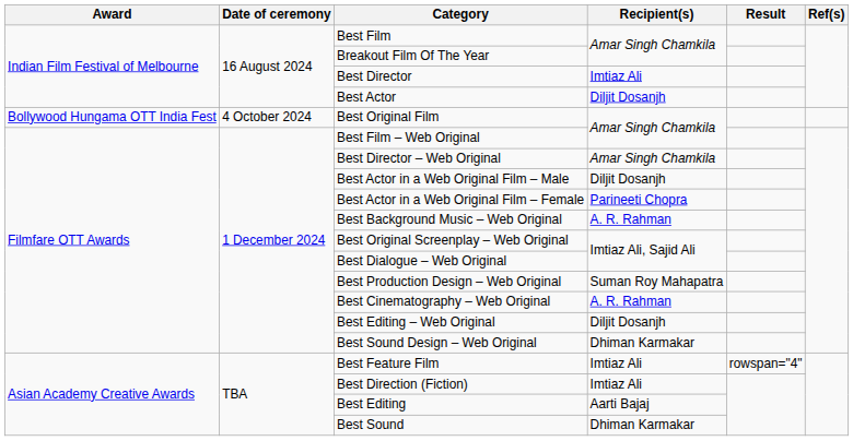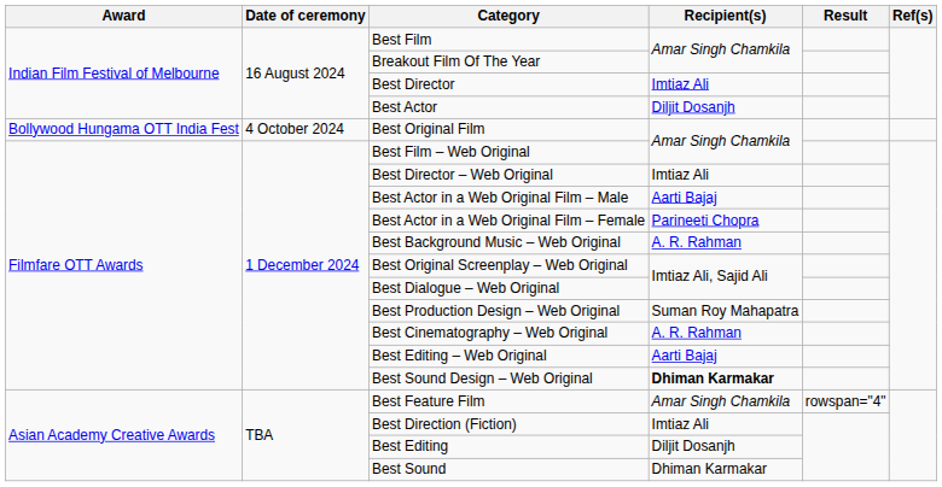 <table class="wikitable">
 <tr>
 <th>Award</th>
 <th>Date of ceremony</th>
 <th>Category</th>
 <th>Recipient(s)</th>
 <th>Result</th>
 <th>Ref(s)</th>
 </tr>
 <tr>
 <td rowspan="4"><a href='#'>Indian Film Festival of Melbourne</a></td>
 <td rowspan="4">16 August 2024</td>
 <td>Best Film</td>
 <td rowspan="2"><em>Amar Singh Chamkila</em></td>
 <td></td>
 <td rowspan="4"></td>
 </tr>
 <tr>
 <td>Breakout Film Of The Year</td>
 <td></td>
 </tr>
 <tr>
 <td>Best Director</td>
 <td><a href='#'>Imtiaz Ali</a></td>
 <td></td>
 </tr>
 <tr>
 <td>Best Actor</td>
 <td><a href='#'>Diljit Dosanjh</a></td>
 <td></td>
 </tr>
 <tr>
 <td><a href='#'>Bollywood Hungama OTT India Fest</a></td>
 <td>4 October 2024</td>
 <td>Best Original Film</td>
 <td rowspan="2"><em>Amar Singh Chamkila</em></td>
 <td></td>
 <td></td>
 </tr>
 <tr>
 <td rowspan="11"><a href='#'>Filmfare OTT Awards</a></td>
 <td rowspan="11"><a href='#'>1 December 2024</a></td>
 <td>Best Film – Web Original</td>
 <td></td>
 <td rowspan="11"></td>
 </tr>
 <tr>
 <td>Best Director – Web Original</td>
-<td><em>Amar Singh Chamkila</em></td>
+<td>Imtiaz Ali</td>
 <td></td>
 </tr>
 <tr>
 <td>Best Actor in a Web Original Film – Male</td>
-<td>Diljit Dosanjh</td>
+<td><a href='#'>Aarti Bajaj</a></td>
 <td></td>
 </tr>
 <tr>
 <td>Best Actor in a Web Original Film – Female</td>
 <td><a href='#'>Parineeti Chopra</a></td>
 <td></td>
 </tr>
 <tr>
 <td>Best Background Music – Web Original</td>
 <td><a href='#'>A. R. Rahman</a></td>
 <td></td>
 </tr>
 <tr>
 <td>Best Original Screenplay – Web Original</td>
 <td rowspan="2">Imtiaz Ali, Sajid Ali</td>
 <td></td>
 </tr>
 <tr>
 <td>Best Dialogue – Web Original</td>
 <td></td>
 </tr>
 <tr>
 <td>Best Production Design – Web Original</td>
 <td>Suman Roy Mahapatra</td>
 <td></td>
 </tr>
 <tr>
 <td>Best Cinematography – Web Original</td>
 <td><a href='#'>A. R. Rahman</a></td>
 <td></td>
 </tr>
 <tr>
 <td>Best Editing – Web Original</td>
-<td>Diljit Dosanjh</td>
+<td><a href='#'>Aarti Bajaj</a></td>
 <td></td>
 </tr>
 <tr>
 <td>Best Sound Design – Web Original</td>
-<td>Dhiman Karmakar</td>
+<td><strong>Dhiman Karmakar</strong></td>
 <td></td>
 </tr>
 <tr>
 <td rowspan="4"><a href='#'>Asian Academy Creative Awards</a></td>
 <td rowspan="4">TBA</td>
 <td>Best Feature Film</td>
-<td>Imtiaz Ali</td>
+<td><em>Amar Singh Chamkila</em></td>
 <td>rowspan="4" </td>
 <td rowspan="4"></td>
 </tr>
 <tr>
 <td>Best Direction (Fiction)</td>
 <td>Imtiaz Ali</td>
 </tr>
 <tr>
 <td>Best Editing</td>
-<td>Aarti Bajaj</td>
+<td>Diljit Dosanjh</td>
 </tr>
 <tr>
 <td>Best Sound</td>
 <td>Dhiman Karmakar</td>
 </tr>
 </table>
